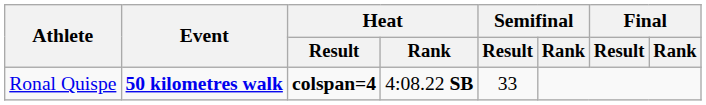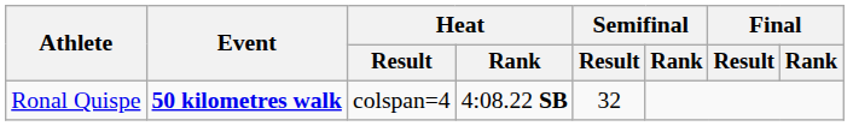 <table class=wikitable style=font-size:90%>
 <tr>
 <th rowspan=2>Athlete</th>
 <th rowspan=2>Event</th>
 <th colspan=2>Heat</th>
 <th colspan=2>Semifinal</th>
 <th colspan=2>Final</th>
 </tr>
 <tr style=font-size:95%>
 <th>Result</th>
 <th>Rank</th>
 <th>Result</th>
 <th>Rank</th>
 <th>Result</th>
 <th>Rank</th>
 </tr>
 <tr align=center>
 <td align=left><a href='#'>Ronal Quispe</a></td>
 <td align=left><strong><a href='#'>50 kilometres walk</a></strong></td>
-<td><strong>colspan=4 </strong></td>
+<td>colspan=4 </td>
 <td>4:08.22 <strong>SB</strong></td>
-<td>33</td>
+<td>32</td>
 </tr>
 </table>
